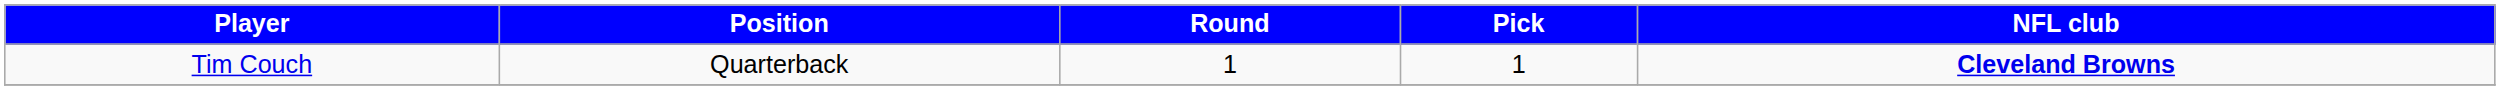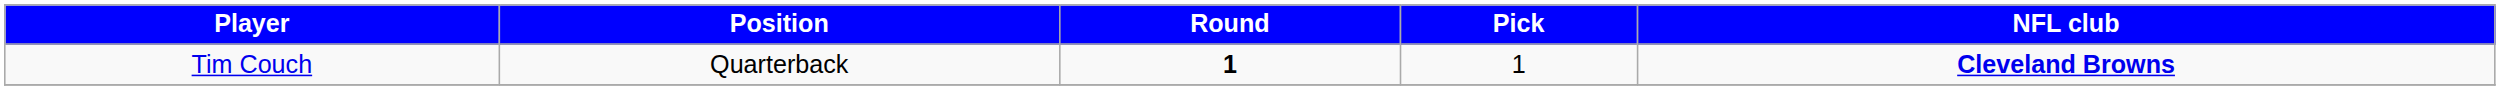 <table class="wikitable" width="80%">
 <tr align="center" style="background: blue;color:#FFFFFF;">
 <td><strong>Player</strong></td>
 <td><strong>Position</strong></td>
 <td><strong>Round</strong></td>
 <td><strong>Pick</strong></td>
 <td><strong>NFL club</strong></td>
 </tr>
 <tr align="center" bgcolor="">
 <td><a href='#'>Tim Couch</a></td>
 <td>Quarterback</td>
-<td>1</td>
+<td><strong>1</strong></td>
 <td>1</td>
 <td><strong><a href='#'>Cleveland Browns</a></strong></td>
 </tr>
 <tr align="center" bgcolor="">
 </tr>
 </table>
